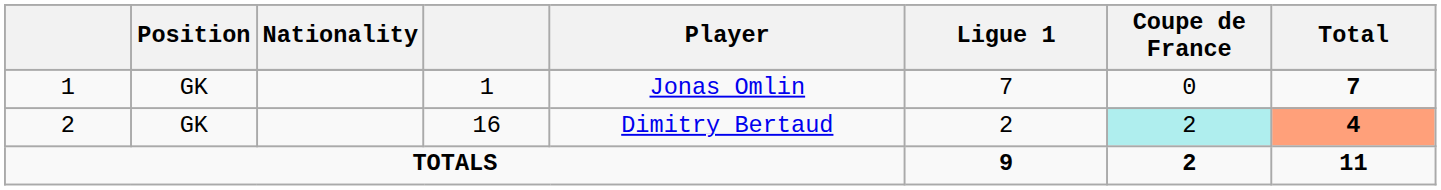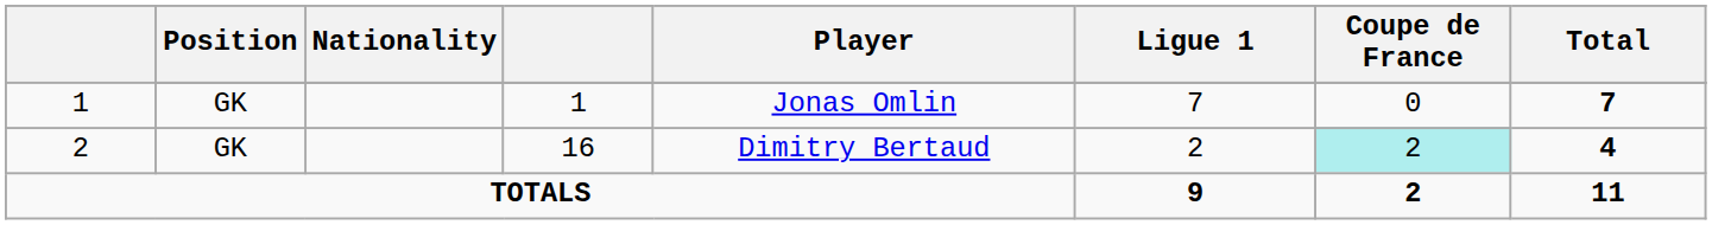 <table class="wikitable" style="font-size: 95%; text-align: center;">
 <tr>
 <th width=60></th>
 <th width=60>Position</th>
 <th width=80>Nationality</th>
 <th width=60></th>
 <th width=180>Player</th>
 <th width=100>Ligue 1</th>
 <th width=80>Coupe de France</th>
 <th width=80>Total</th>
 </tr>
 <tr>
 <td rowspan="2">1</td>
 </tr>
 <tr>
 <td>GK</td>
 <td></td>
 <td>1</td>
 <td><a href='#'>Jonas Omlin</a></td>
 <td>7</td>
 <td>0</td>
 <td><strong>7</strong></td>
 </tr>
 <tr>
 <td rowspan="1">2</td>
 <td>GK</td>
 <td></td>
 <td>16</td>
 <td><a href='#'>Dimitry Bertaud</a></td>
 <td>2</td>
 <td style="background: paleturquoise;">2</td>
-<td style="background: lightsalmon;"><strong>4</strong></td>
+<td><strong>4</strong></td>
 </tr>
 <tr>
 <td colspan=5><strong>TOTALS</strong></td>
 <td><strong>9</strong></td>
 <td><strong>2</strong></td>
 <td><strong>11</strong></td>
 </tr>
 </table>
